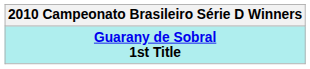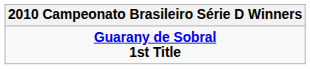 <table class="wikitable" style="text-align: center; margin: 0 auto;">
 <tr>
 <th>2010 Campeonato Brasileiro Série D Winners</th>
 </tr>
 <tr>
-<td style="background: paleturquoise;"><strong><a href='#'>Guarany de Sobral</a></strong><br> <strong>1st Title </strong></td>
+<td><strong><a href='#'>Guarany de Sobral</a></strong><br> <strong>1st Title </strong></td>
 </tr>
 </table>
